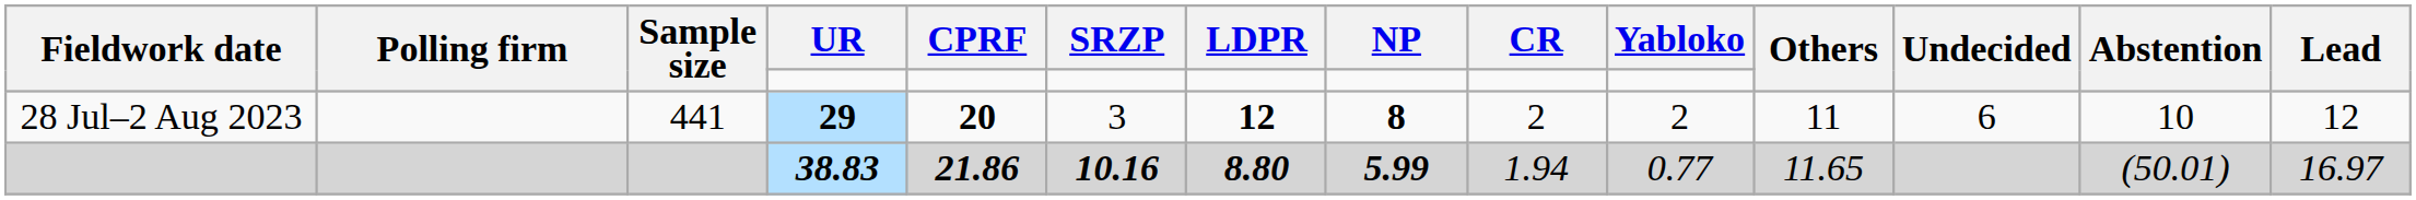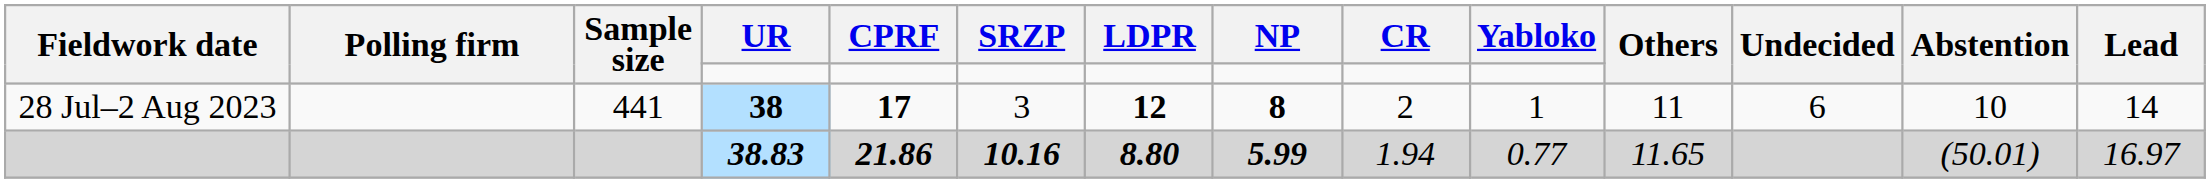 <table class=wikitable style="font-size:95%; line-height:14px; text-align:center">
 <tr>
 <th style=width:120px; rowspan=2>Fieldwork date</th>
 <th style=width:120px; rowspan=2>Polling firm</th>
 <th style=width:50px; rowspan=2>Sample<br>size</th>
 <th style="width:50px;"><a href='#'>UR</a></th>
 <th style="width:50px;"><a href='#'>CPRF</a></th>
 <th style="width:50px;"><a href='#'>SRZP</a></th>
 <th style="width:50px;"><a href='#'>LDPR</a></th>
 <th style="width:50px;"><a href='#'>NP</a></th>
 <th style="width:50px;"><a href='#'>CR</a></th>
 <th style="width:50px;"><a href='#'>Yabloko</a></th>
 <th style="width:50px;" rowspan=2>Others</th>
 <th style="width:50px;" rowspan=2>Undecided</th>
 <th style="width:50px;" rowspan=2>Abstention</th>
 <th style="width:50px;" rowspan="2">Lead</th>
 </tr>
 <tr>
 <td bgcolor=></td>
 <td bgcolor=></td>
 <td bgcolor=></td>
 <td bgcolor=></td>
 <td bgcolor=></td>
 <td bgcolor=></td>
 <td bgcolor=></td>
 </tr>
 <tr>
 <td>28 Jul–2 Aug 2023</td>
 <td></td>
 <td>441</td>
-<td style="background:#B3E0FF"><strong>29</strong></td>
-<td><strong>20</strong></td>
+<td style="background:#B3E0FF"><strong>38</strong></td>
+<td><strong>17</strong></td>
 <td>3</td>
 <td><strong>12</strong></td>
 <td><strong>8</strong></td>
 <td>2</td>
-<td>2</td>
+<td>1</td>
 <td>11</td>
 <td>6</td>
 <td>10</td>
-<td style="background:">12</td>
+<td style="background:">14</td>
 </tr>
 <tr style="background:#D5D5D5">
 <td></td>
 <td></td>
 <td></td>
 <td style="background:#B3E0FF"><strong><em>38.83</em></strong></td>
 <td><strong><em>21.86</em></strong></td>
 <td><strong><em>10.16</em></strong></td>
 <td><strong><em>8.80</em></strong></td>
 <td><strong><em>5.99</em></strong></td>
 <td><em>1.94</em></td>
 <td><em>0.77</em></td>
 <td><em>11.65</em></td>
 <td></td>
 <td><em>(50.01)</em></td>
 <td style="background:"><em>16.97</em></td>
 </tr>
 </table>
